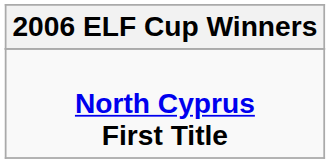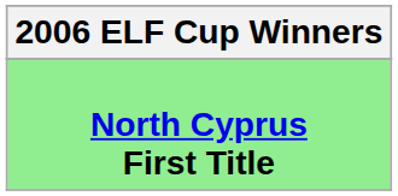 <table class="wikitable" style="text-align: center; margin: 0 auto;">
 <tr>
 <th>2006 ELF Cup Winners</th>
 </tr>
 <tr>
 </tr>
 <tr>
-<td><br><strong><a href='#'>North Cyprus</a></strong><br><strong>First Title</strong></td>
+<td style="background: lightgreen;"><br><strong><a href='#'>North Cyprus</a></strong><br><strong>First Title</strong></td>
 </tr>
 </table>
